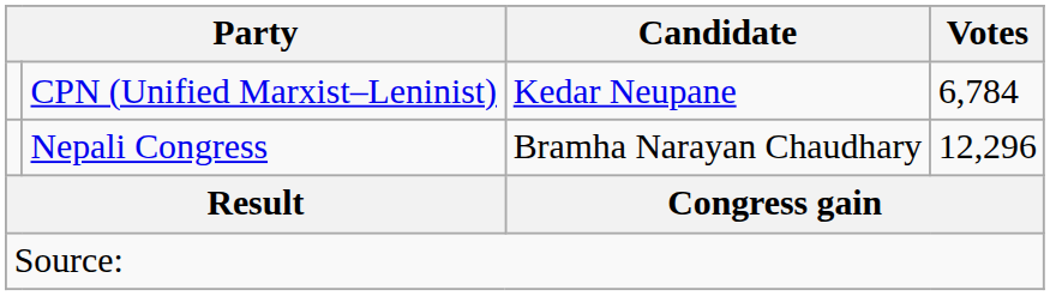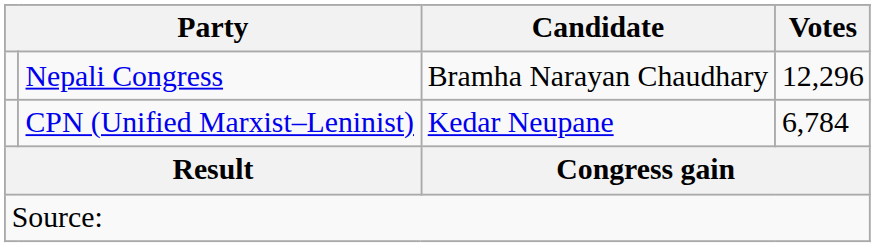 <table class="wikitable">
 <tr>
 <th colspan="2">Party</th>
 <th>Candidate</th>
 <th>Votes</th>
 </tr>
 <tr>
 <td style="background-color:"></td>
+<td><a href='#'>Nepali Congress</a></td>
+<td>Bramha Narayan Chaudhary</td>
+<td>12,296</td>
+</tr>
+<tr>
+<td style="background-color:"></td>
 <td><a href='#'>CPN (Unified Marxist–Leninist)</a></td>
 <td><a href='#'>Kedar Neupane</a></td>
 <td>6,784</td>
-</tr>
-<tr>
-<td style="background-color:"></td>
-<td><a href='#'>Nepali Congress</a></td>
-<td>Bramha Narayan Chaudhary</td>
-<td>12,296</td>
 </tr>
 <tr>
 <th colspan="2">Result</th>
 <th colspan="2">Congress gain</th>
 </tr>
 <tr>
 <td colspan="4">Source: </td>
 </tr>
 </table>
